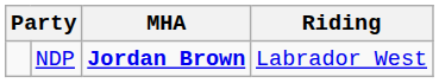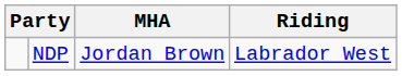 <table class="wikitable">
 <tr>
 <th colspan="2">Party</th>
 <th>MHA</th>
 <th>Riding</th>
 </tr>
 <tr>
 <td style="background-color:"> </td>
 <td rowspan="5"><a href='#'>NDP</a></td>
-<td><strong><a href='#'>Jordan Brown</a></strong></td>
+<td><a href='#'>Jordan Brown</a></td>
 <td><a href='#'>Labrador West</a></td>
 </tr>
 </table>
